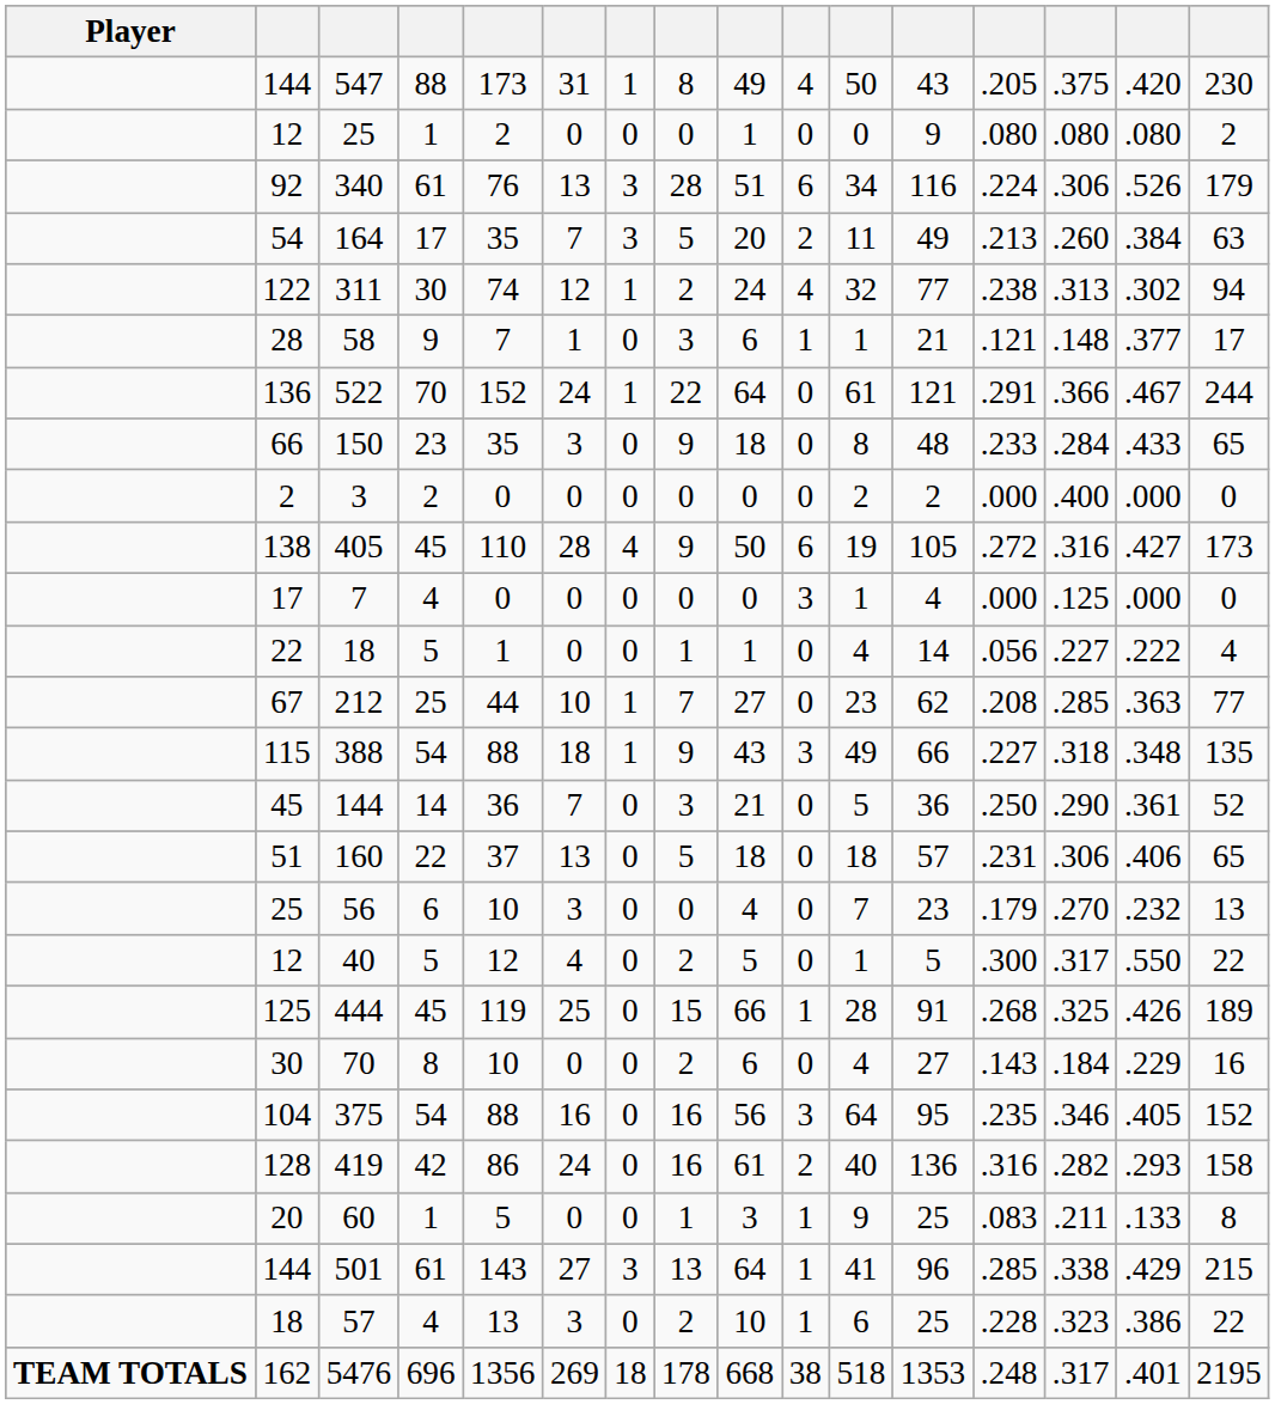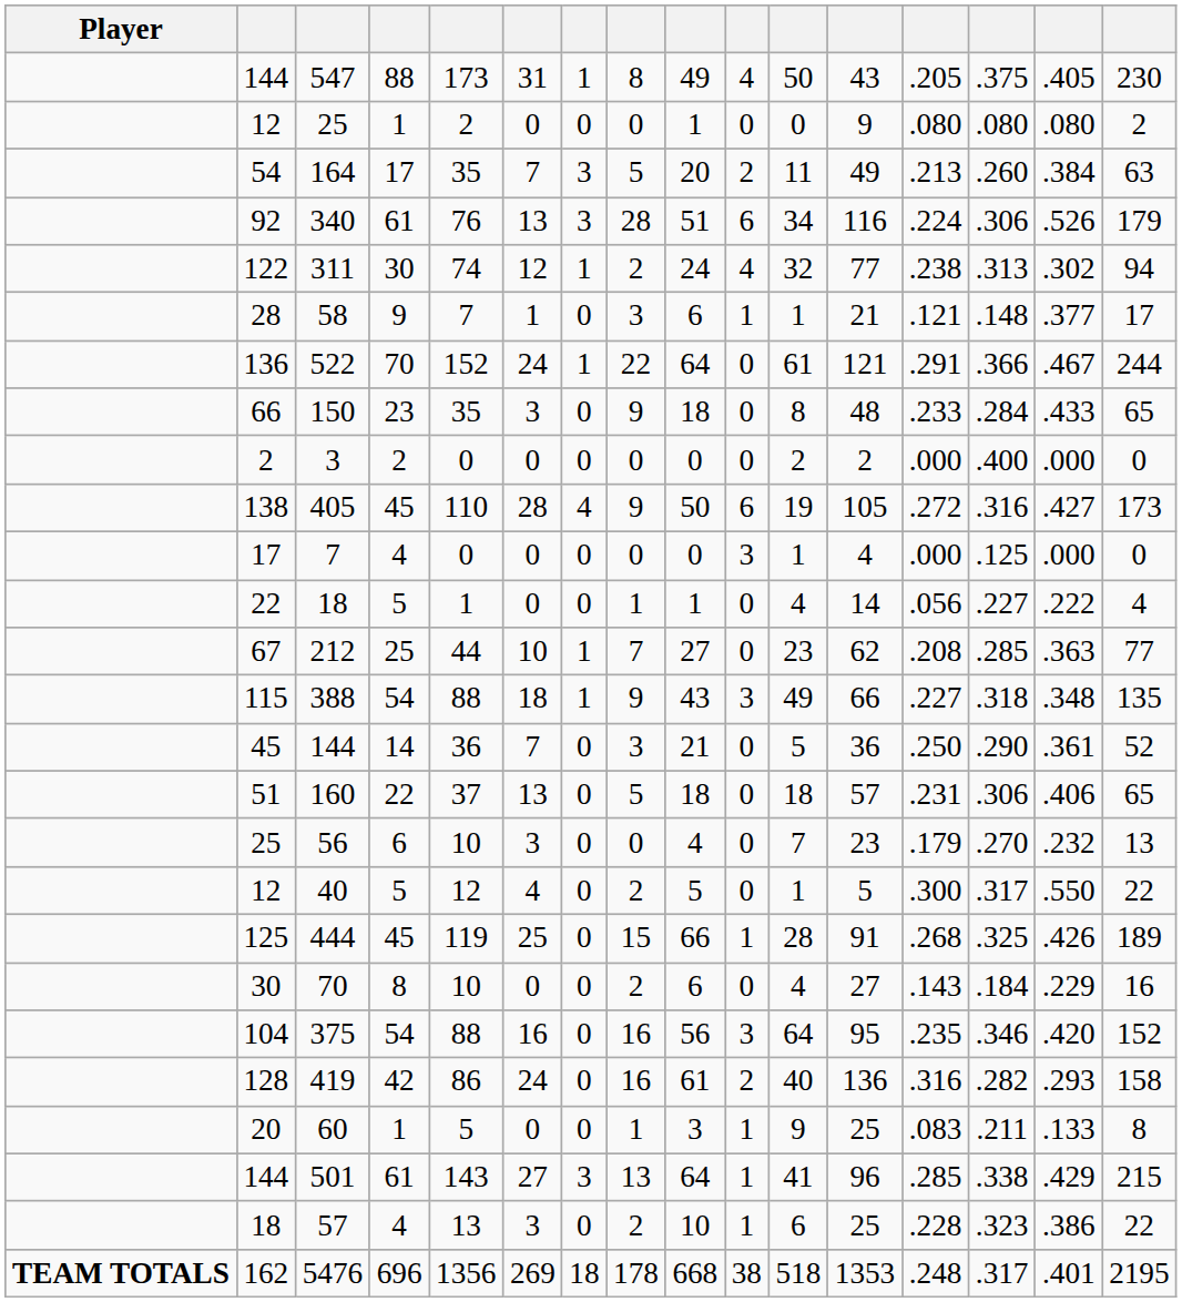 <table class="wikitable sortable" style="text-align:center;">
 <tr>
 <th>Player</th>
 <th></th>
 <th></th>
 <th></th>
 <th></th>
 <th></th>
 <th></th>
 <th></th>
 <th></th>
 <th></th>
 <th></th>
 <th></th>
 <th></th>
 <th></th>
 <th></th>
 <th></th>
 </tr>
 <tr>
 <td align=left><strong></strong></td>
 <td>144</td>
 <td>547</td>
 <td>88</td>
 <td>173</td>
 <td>31</td>
 <td>1</td>
 <td>8</td>
 <td>49</td>
 <td>4</td>
 <td>50</td>
 <td>43</td>
 <td>.205</td>
 <td>.375</td>
-<td>.420</td>
+<td>.405</td>
 <td>230</td>
 </tr>
 <tr>
 <td align=left></td>
 <td>12</td>
 <td>25</td>
 <td>1</td>
 <td>2</td>
 <td>0</td>
 <td>0</td>
 <td>0</td>
 <td>1</td>
 <td>0</td>
 <td>0</td>
 <td>9</td>
 <td>.080</td>
 <td>.080</td>
 <td>.080</td>
 <td>2</td>
 </tr>
 <tr>
+<td align=left><strong></strong></td>
+<td>54</td>
+<td>164</td>
+<td>17</td>
+<td>35</td>
+<td>7</td>
+<td>3</td>
+<td>5</td>
+<td>20</td>
+<td>2</td>
+<td>11</td>
+<td>49</td>
+<td>.213</td>
+<td>.260</td>
+<td>.384</td>
+<td>63</td>
+</tr>
+<tr>
 <td align=left></td>
 <td>92</td>
 <td>340</td>
 <td>61</td>
 <td>76</td>
 <td>13</td>
 <td>3</td>
 <td>28</td>
 <td>51</td>
 <td>6</td>
 <td>34</td>
 <td>116</td>
 <td>.224</td>
 <td>.306</td>
 <td>.526</td>
 <td>179</td>
-</tr>
-<tr>
-<td align=left><strong></strong></td>
-<td>54</td>
-<td>164</td>
-<td>17</td>
-<td>35</td>
-<td>7</td>
-<td>3</td>
-<td>5</td>
-<td>20</td>
-<td>2</td>
-<td>11</td>
-<td>49</td>
-<td>.213</td>
-<td>.260</td>
-<td>.384</td>
-<td>63</td>
 </tr>
 <tr>
 <td align=left><strong></strong></td>
 <td>122</td>
 <td>311</td>
 <td>30</td>
 <td>74</td>
 <td>12</td>
 <td>1</td>
 <td>2</td>
 <td>24</td>
 <td>4</td>
 <td>32</td>
 <td>77</td>
 <td>.238</td>
 <td>.313</td>
 <td>.302</td>
 <td>94</td>
 </tr>
 <tr>
 <td align=left></td>
 <td>28</td>
 <td>58</td>
 <td>9</td>
 <td>7</td>
 <td>1</td>
 <td>0</td>
 <td>3</td>
 <td>6</td>
 <td>1</td>
 <td>1</td>
 <td>21</td>
 <td>.121</td>
 <td>.148</td>
 <td>.377</td>
 <td>17</td>
 </tr>
 <tr>
 <td align=left><strong></strong></td>
 <td>136</td>
 <td>522</td>
 <td>70</td>
 <td>152</td>
 <td>24</td>
 <td>1</td>
 <td>22</td>
 <td>64</td>
 <td>0</td>
 <td>61</td>
 <td>121</td>
 <td>.291</td>
 <td>.366</td>
 <td>.467</td>
 <td>244</td>
 </tr>
 <tr>
 <td align=left><strong></strong></td>
 <td>66</td>
 <td>150</td>
 <td>23</td>
 <td>35</td>
 <td>3</td>
 <td>0</td>
 <td>9</td>
 <td>18</td>
 <td>0</td>
 <td>8</td>
 <td>48</td>
 <td>.233</td>
 <td>.284</td>
 <td>.433</td>
 <td>65</td>
 </tr>
 <tr>
 <td align=left></td>
 <td>2</td>
 <td>3</td>
 <td>2</td>
 <td>0</td>
 <td>0</td>
 <td>0</td>
 <td>0</td>
 <td>0</td>
 <td>0</td>
 <td>2</td>
 <td>2</td>
 <td>.000</td>
 <td>.400</td>
 <td>.000</td>
 <td>0</td>
 </tr>
 <tr>
 <td align=left><strong></strong></td>
 <td>138</td>
 <td>405</td>
 <td>45</td>
 <td>110</td>
 <td>28</td>
 <td>4</td>
 <td>9</td>
 <td>50</td>
 <td>6</td>
 <td>19</td>
 <td>105</td>
 <td>.272</td>
 <td>.316</td>
 <td>.427</td>
 <td>173</td>
 </tr>
 <tr>
 <td align=left><strong></strong></td>
 <td>17</td>
 <td>7</td>
 <td>4</td>
 <td>0</td>
 <td>0</td>
 <td>0</td>
 <td>0</td>
 <td>0</td>
 <td>3</td>
 <td>1</td>
 <td>4</td>
 <td>.000</td>
 <td>.125</td>
 <td>.000</td>
 <td>0</td>
 </tr>
 <tr>
 <td align=left><strong></strong></td>
 <td>22</td>
 <td>18</td>
 <td>5</td>
 <td>1</td>
 <td>0</td>
 <td>0</td>
 <td>1</td>
 <td>1</td>
 <td>0</td>
 <td>4</td>
 <td>14</td>
 <td>.056</td>
 <td>.227</td>
 <td>.222</td>
 <td>4</td>
 </tr>
 <tr>
 <td align=left></td>
 <td>67</td>
 <td>212</td>
 <td>25</td>
 <td>44</td>
 <td>10</td>
 <td>1</td>
 <td>7</td>
 <td>27</td>
 <td>0</td>
 <td>23</td>
 <td>62</td>
 <td>.208</td>
 <td>.285</td>
 <td>.363</td>
 <td>77</td>
 </tr>
 <tr>
 <td align=left><strong></strong></td>
 <td>115</td>
 <td>388</td>
 <td>54</td>
 <td>88</td>
 <td>18</td>
 <td>1</td>
 <td>9</td>
 <td>43</td>
 <td>3</td>
 <td>49</td>
 <td>66</td>
 <td>.227</td>
 <td>.318</td>
 <td>.348</td>
 <td>135</td>
 </tr>
 <tr>
 <td align=left></td>
 <td>45</td>
 <td>144</td>
 <td>14</td>
 <td>36</td>
 <td>7</td>
 <td>0</td>
 <td>3</td>
 <td>21</td>
 <td>0</td>
 <td>5</td>
 <td>36</td>
 <td>.250</td>
 <td>.290</td>
 <td>.361</td>
 <td>52</td>
 </tr>
 <tr>
 <td align=left></td>
 <td>51</td>
 <td>160</td>
 <td>22</td>
 <td>37</td>
 <td>13</td>
 <td>0</td>
 <td>5</td>
 <td>18</td>
 <td>0</td>
 <td>18</td>
 <td>57</td>
 <td>.231</td>
 <td>.306</td>
 <td>.406</td>
 <td>65</td>
 </tr>
 <tr>
 <td align=left><strong></strong></td>
 <td>25</td>
 <td>56</td>
 <td>6</td>
 <td>10</td>
 <td>3</td>
 <td>0</td>
 <td>0</td>
 <td>4</td>
 <td>0</td>
 <td>7</td>
 <td>23</td>
 <td>.179</td>
 <td>.270</td>
 <td>.232</td>
 <td>13</td>
 </tr>
 <tr>
 <td align=left></td>
 <td>12</td>
 <td>40</td>
 <td>5</td>
 <td>12</td>
 <td>4</td>
 <td>0</td>
 <td>2</td>
 <td>5</td>
 <td>0</td>
 <td>1</td>
 <td>5</td>
 <td>.300</td>
 <td>.317</td>
 <td>.550</td>
 <td>22</td>
 </tr>
 <tr>
 <td align=left><strong></strong></td>
 <td>125</td>
 <td>444</td>
 <td>45</td>
 <td>119</td>
 <td>25</td>
 <td>0</td>
 <td>15</td>
 <td>66</td>
 <td>1</td>
 <td>28</td>
 <td>91</td>
 <td>.268</td>
 <td>.325</td>
 <td>.426</td>
 <td>189</td>
 </tr>
 <tr>
 <td align=left><strong></strong></td>
 <td>30</td>
 <td>70</td>
 <td>8</td>
 <td>10</td>
 <td>0</td>
 <td>0</td>
 <td>2</td>
 <td>6</td>
 <td>0</td>
 <td>4</td>
 <td>27</td>
 <td>.143</td>
 <td>.184</td>
 <td>.229</td>
 <td>16</td>
 </tr>
 <tr>
 <td align=left></td>
 <td>104</td>
 <td>375</td>
 <td>54</td>
 <td>88</td>
 <td>16</td>
 <td>0</td>
 <td>16</td>
 <td>56</td>
 <td>3</td>
 <td>64</td>
 <td>95</td>
 <td>.235</td>
 <td>.346</td>
-<td>.405</td>
+<td>.420</td>
 <td>152</td>
 </tr>
 <tr>
 <td align=left><strong></strong></td>
 <td>128</td>
 <td>419</td>
 <td>42</td>
 <td>86</td>
 <td>24</td>
 <td>0</td>
 <td>16</td>
 <td>61</td>
 <td>2</td>
 <td>40</td>
 <td>136</td>
 <td>.316</td>
 <td>.282</td>
 <td>.293</td>
 <td>158</td>
 </tr>
 <tr>
 <td align=left></td>
 <td>20</td>
 <td>60</td>
 <td>1</td>
 <td>5</td>
 <td>0</td>
 <td>0</td>
 <td>1</td>
 <td>3</td>
 <td>1</td>
 <td>9</td>
 <td>25</td>
 <td>.083</td>
 <td>.211</td>
 <td>.133</td>
 <td>8</td>
 </tr>
 <tr>
 <td align=left><strong></strong></td>
 <td>144</td>
 <td>501</td>
 <td>61</td>
 <td>143</td>
 <td>27</td>
 <td>3</td>
 <td>13</td>
 <td>64</td>
 <td>1</td>
 <td>41</td>
 <td>96</td>
 <td>.285</td>
 <td>.338</td>
 <td>.429</td>
 <td>215</td>
 </tr>
 <tr>
 <td align=left><strong></strong></td>
 <td>18</td>
 <td>57</td>
 <td>4</td>
 <td>13</td>
 <td>3</td>
 <td>0</td>
 <td>2</td>
 <td>10</td>
 <td>1</td>
 <td>6</td>
 <td>25</td>
 <td>.228</td>
 <td>.323</td>
 <td>.386</td>
 <td>22</td>
 </tr>
 <tr class="sortbottom">
 <td align="left"><strong>TEAM TOTALS</strong></td>
 <td>162</td>
 <td>5476</td>
 <td>696</td>
 <td>1356</td>
 <td>269</td>
 <td>18</td>
 <td>178</td>
 <td>668</td>
 <td>38</td>
 <td>518</td>
 <td>1353</td>
 <td>.248</td>
 <td>.317</td>
 <td>.401</td>
 <td>2195</td>
 </tr>
 </table>
